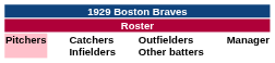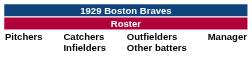 <table class="toccolours" style="font-size: 95%;">
 <tr>
 <th colspan="10" style="background-color: #0f437c; color: white; text-align: center;">1929 Boston Braves</th>
 </tr>
 <tr>
 <td colspan="10" style="background-color: #af0039; color: white; text-align: center;"><strong>Roster</strong></td>
 </tr>
 <tr>
-<td valign="top" style="background: pink;"><strong>Pitchers</strong><br>              </td>
+<td valign="top"><strong>Pitchers</strong><br>              </td>
 <td width="25px"></td>
 <td valign="top"><strong>Catchers</strong><br>       <strong>Infielders</strong>          </td>
 <td width="25px"></td>
 <td valign="top"><strong>Outfielders</strong><br>           <strong>Other batters</strong> </td>
 <td width="25px"></td>
 <td valign="top"><strong>Manager</strong><br></td>
 </tr>
 </table>
